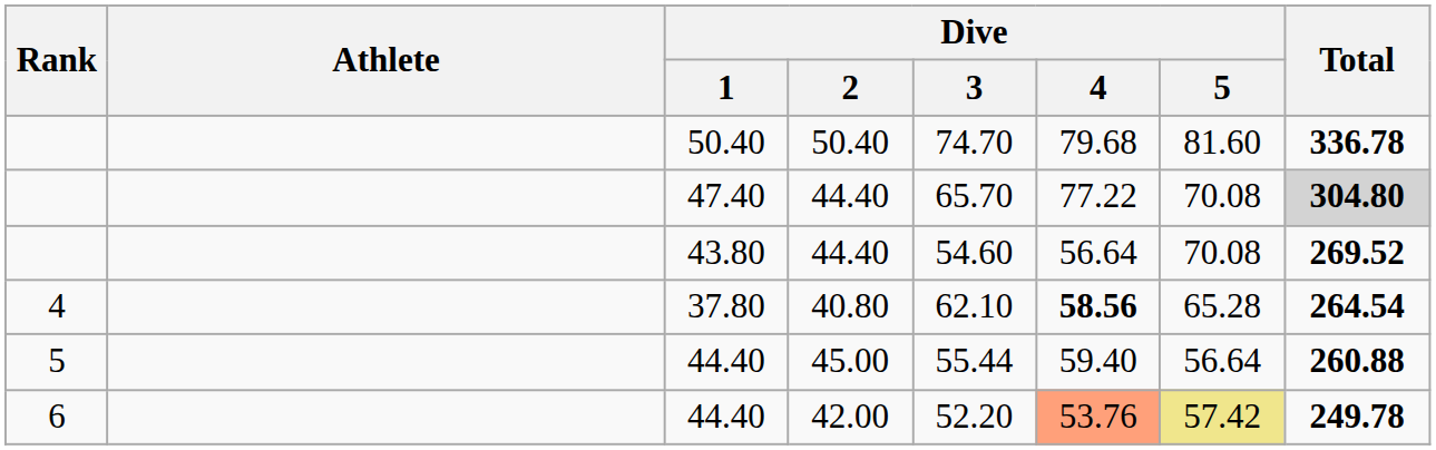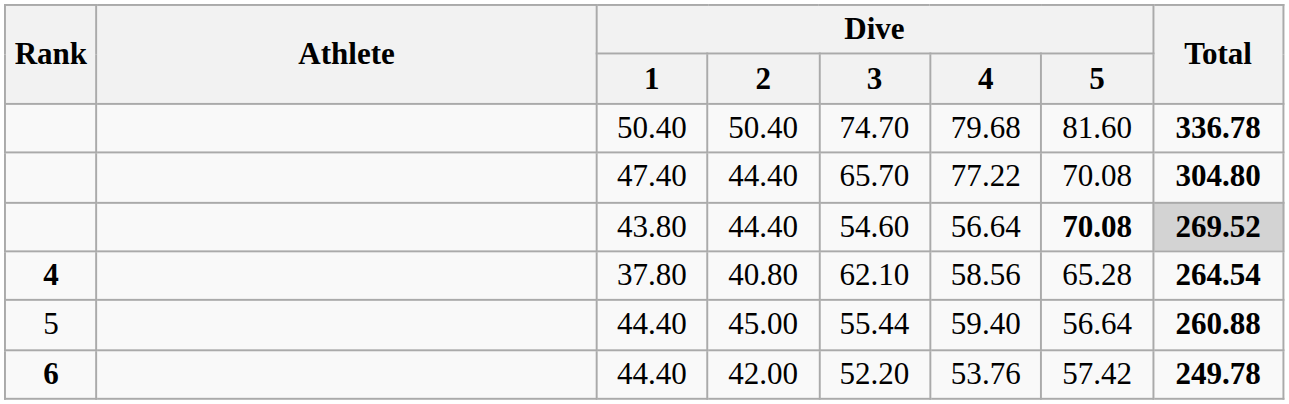 <table class="wikitable" style="text-align:center">
 <tr>
 <th rowspan="2" width="40">Rank</th>
 <th rowspan="2" width="250">Athlete</th>
 <th colspan="5">Dive</th>
 <th rowspan="2" width="60">Total</th>
 </tr>
 <tr>
 <th width="50">1</th>
 <th width="50">2</th>
 <th width="50">3</th>
 <th width="50">4</th>
 <th width="50">5</th>
 </tr>
 <tr>
 <td></td>
 <td align="left"><br></td>
 <td>50.40</td>
 <td>50.40</td>
 <td>74.70</td>
 <td>79.68</td>
 <td>81.60</td>
 <td><strong>336.78</strong></td>
 </tr>
 <tr>
 <td></td>
 <td align="left"><br></td>
 <td>47.40</td>
 <td>44.40</td>
 <td>65.70</td>
 <td>77.22</td>
 <td>70.08</td>
-<td style="background: lightgrey;"><strong>304.80</strong></td>
+<td><strong>304.80</strong></td>
 </tr>
 <tr>
 <td></td>
 <td align="left"><br></td>
 <td>43.80</td>
 <td>44.40</td>
 <td>54.60</td>
 <td>56.64</td>
-<td>70.08</td>
-<td><strong>269.52</strong></td>
+<td><strong>70.08</strong></td>
+<td style="background: lightgrey;"><strong>269.52</strong></td>
 </tr>
 <tr>
-<td>4</td>
+<td><strong>4</strong></td>
 <td align="left"><br></td>
 <td>37.80</td>
 <td>40.80</td>
 <td>62.10</td>
-<td><strong>58.56</strong></td>
+<td>58.56</td>
 <td>65.28</td>
 <td><strong>264.54</strong></td>
 </tr>
 <tr>
 <td>5</td>
 <td align="left"><br></td>
 <td>44.40</td>
 <td>45.00</td>
 <td>55.44</td>
 <td>59.40</td>
 <td>56.64</td>
 <td><strong>260.88</strong></td>
 </tr>
 <tr>
-<td>6</td>
+<td><strong>6</strong></td>
 <td align="left"><br></td>
 <td>44.40</td>
 <td>42.00</td>
 <td>52.20</td>
-<td style="background: lightsalmon;">53.76</td>
-<td style="background: khaki;">57.42</td>
+<td>53.76</td>
+<td>57.42</td>
 <td><strong>249.78</strong></td>
 </tr>
 </table>
